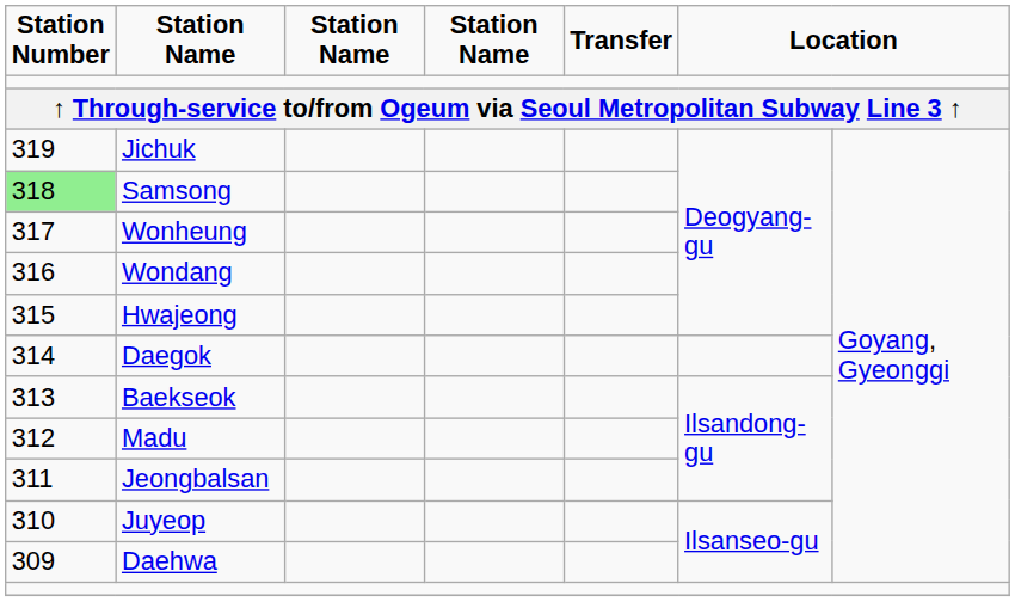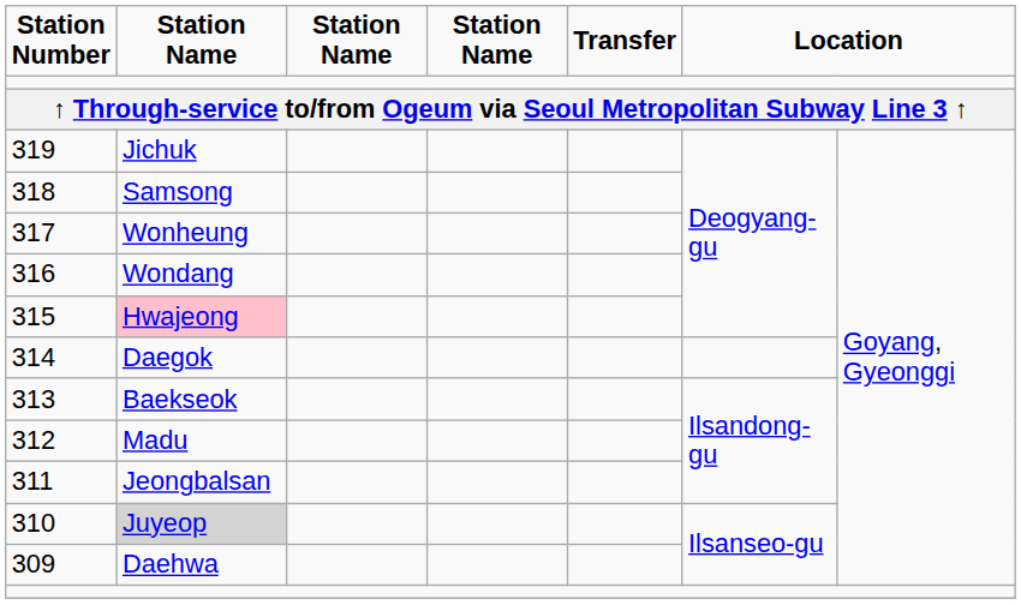 <table class="wikitable" width="70%">
 <tr style="text-align:center;">
 <td><strong>Station<br>Number</strong></td>
 <td><strong>Station Name</strong><br></td>
 <td><strong>Station Name</strong><br></td>
 <td><strong>Station Name</strong><br></td>
 <td><strong>Transfer</strong></td>
 <td colspan="2"><strong>Location</strong></td>
 </tr>
 <tr style="background:#">
 <td colspan="7"></td>
 </tr>
 <tr>
 <th colspan="7">↑ <a href='#'>Through-service</a> to/from <a href='#'>Ogeum</a> via <a href='#'>Seoul Metropolitan Subway</a> <a href='#'>Line 3</a> ↑</th>
 </tr>
 <tr>
 <td>319</td>
 <td><a href='#'>Jichuk</a></td>
 <td></td>
 <td></td>
 <td></td>
 <td rowspan="5"><a href='#'>Deogyang-gu</a></td>
 <td rowspan="11"><a href='#'>Goyang</a>, <a href='#'>Gyeonggi</a></td>
 </tr>
 <tr>
-<td style="background: lightgreen;">318</td>
+<td>318</td>
 <td><a href='#'>Samsong</a></td>
 <td></td>
 <td></td>
 <td></td>
 </tr>
 <tr>
 <td>317</td>
 <td><a href='#'>Wonheung</a></td>
 <td></td>
 <td></td>
 <td></td>
 </tr>
 <tr>
 <td>316</td>
 <td><a href='#'>Wondang</a></td>
 <td></td>
 <td></td>
 <td></td>
 </tr>
 <tr>
 <td>315</td>
-<td><a href='#'>Hwajeong</a></td>
+<td style="background: pink;"><a href='#'>Hwajeong</a></td>
 <td></td>
 <td></td>
 <td></td>
 </tr>
 <tr>
 <td>314</td>
 <td><a href='#'>Daegok</a></td>
 <td></td>
 <td></td>
 <td>  </td>
 <td></td>
 </tr>
 <tr>
 <td>313</td>
 <td><a href='#'>Baekseok</a></td>
 <td></td>
 <td></td>
 <td></td>
 <td rowspan="3"><a href='#'>Ilsandong-gu</a></td>
 </tr>
 <tr>
 <td>312</td>
 <td><a href='#'>Madu</a></td>
 <td></td>
 <td></td>
 <td></td>
 </tr>
 <tr>
 <td>311</td>
 <td><a href='#'>Jeongbalsan</a></td>
 <td></td>
 <td></td>
 <td></td>
 </tr>
 <tr>
 <td>310</td>
-<td><a href='#'>Juyeop</a></td>
+<td style="background: lightgrey;"><a href='#'>Juyeop</a></td>
 <td></td>
 <td></td>
 <td></td>
 <td rowspan="2"><a href='#'>Ilsanseo-gu</a></td>
 </tr>
 <tr>
 <td>309</td>
 <td><a href='#'>Daehwa</a></td>
 <td></td>
 <td></td>
 <td></td>
 </tr>
 <tr style="background:#">
 <td colspan="7"></td>
 </tr>
 <tr>
 </tr>
 </table>
